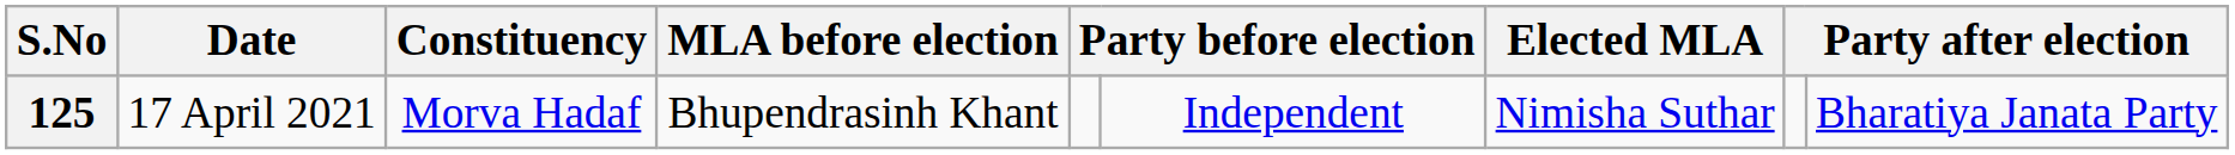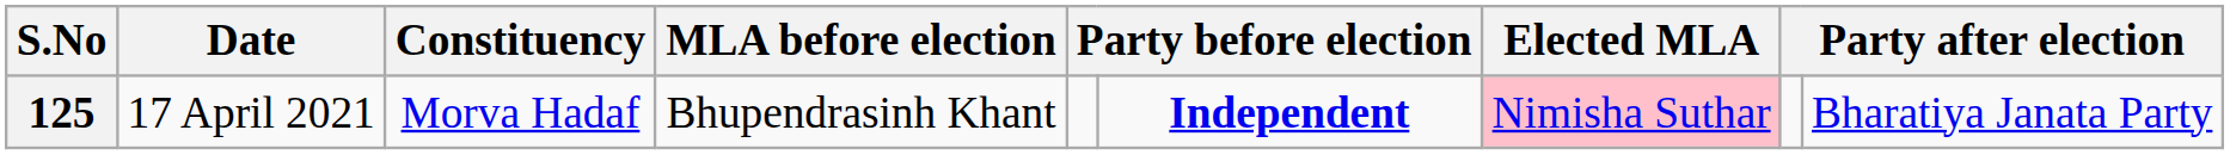 <table class="wikitable sortable" style="text-align:center;">
 <tr>
 <th>S.No</th>
 <th>Date</th>
 <th>Constituency</th>
 <th>MLA before election</th>
 <th colspan="2">Party before election</th>
 <th>Elected MLA</th>
 <th colspan="2">Party after election</th>
 </tr>
 <tr>
 <th>125</th>
 <td>17 April 2021</td>
 <td><a href='#'>Morva Hadaf</a></td>
 <td>Bhupendrasinh Khant</td>
 <td></td>
-<td><a href='#'>Independent</a></td>
-<td><a href='#'>Nimisha Suthar</a></td>
+<td><strong><a href='#'>Independent</a></strong></td>
+<td style="background: pink;"><a href='#'>Nimisha Suthar</a></td>
 <td></td>
 <td><a href='#'>Bharatiya Janata Party</a></td>
 </tr>
 </table>
